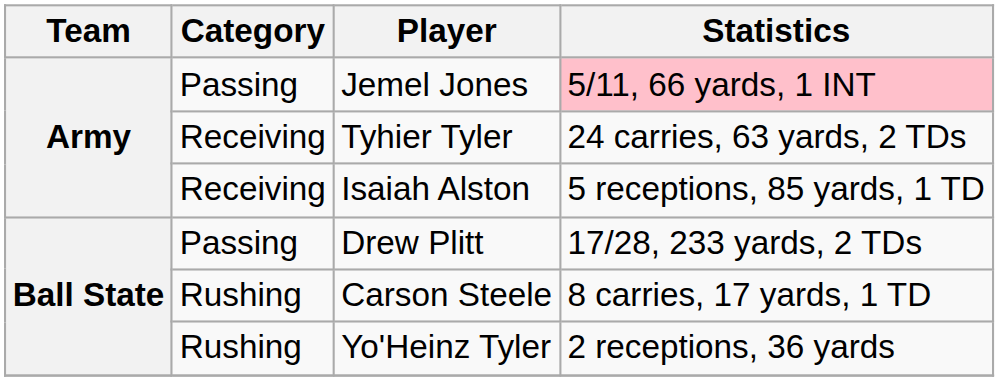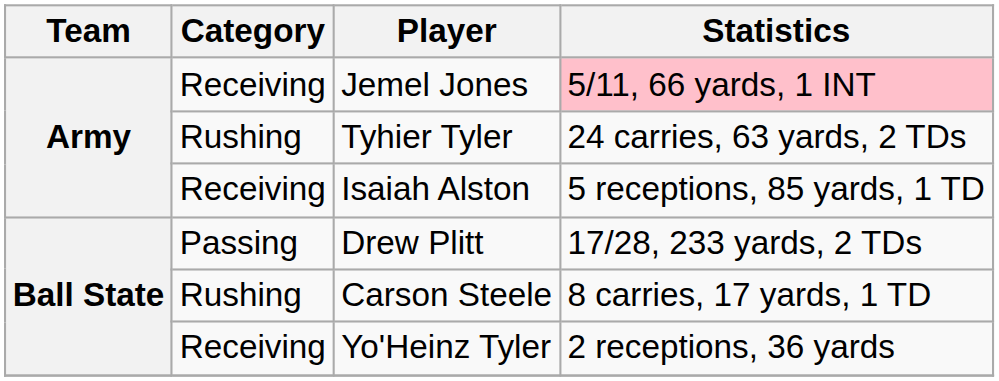 <table class="wikitable" style="float: left;">
 <tr>
 <th>Team</th>
 <th>Category</th>
 <th>Player</th>
 <th>Statistics</th>
 </tr>
 <tr>
 <th rowspan=3>Army</th>
-<td>Passing</td>
+<td>Receiving</td>
 <td>Jemel Jones</td>
 <td style="background: pink;">5/11, 66 yards, 1 INT</td>
 </tr>
 <tr>
-<td>Receiving</td>
+<td>Rushing</td>
 <td>Tyhier Tyler</td>
 <td>24 carries, 63 yards, 2 TDs</td>
 </tr>
 <tr>
 <td>Receiving</td>
 <td>Isaiah Alston</td>
 <td>5 receptions, 85 yards, 1 TD</td>
 </tr>
 <tr>
 <th rowspan=3 style=>Ball State</th>
 <td>Passing</td>
 <td>Drew Plitt</td>
 <td>17/28, 233 yards, 2 TDs</td>
 </tr>
 <tr>
 <td>Rushing</td>
 <td>Carson Steele</td>
 <td>8 carries, 17 yards, 1 TD</td>
 </tr>
 <tr>
-<td>Rushing</td>
+<td>Receiving</td>
 <td>Yo'Heinz Tyler</td>
 <td>2 receptions, 36 yards</td>
 </tr>
 <tr>
 </tr>
 </table>
